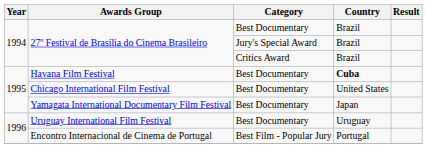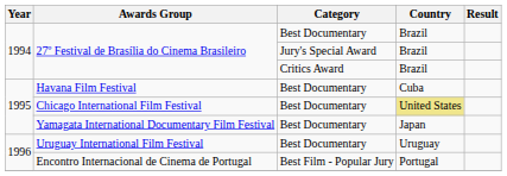 <table class="wikitable">
 <tr>
 <th>Year</th>
 <th>Awards Group</th>
 <th>Category</th>
 <th>Country</th>
 <th>Result</th>
 </tr>
 <tr>
 <td rowspan="3">1994</td>
 <td rowspan="3"><a href='#'>27º Festival de Brasília do Cinema Brasileiro</a></td>
 <td>Best Documentary</td>
 <td>Brazil</td>
 <td></td>
 </tr>
 <tr>
 <td>Jury's Special Award</td>
 <td>Brazil</td>
 <td></td>
 </tr>
 <tr>
 <td>Critics Award</td>
 <td>Brazil</td>
 <td></td>
 </tr>
 <tr>
 <td rowspan="3">1995</td>
 <td><a href='#'>Havana Film Festival</a></td>
 <td>Best Documentary</td>
-<td><strong>Cuba</strong></td>
+<td>Cuba</td>
 <td></td>
 </tr>
 <tr>
 <td><a href='#'>Chicago International Film Festival</a></td>
 <td>Best Documentary</td>
-<td>United States</td>
+<td style="background: khaki;">United States</td>
 <td></td>
 </tr>
 <tr>
 <td><a href='#'>Yamagata International Documentary Film Festival</a></td>
 <td>Best Documentary</td>
 <td>Japan</td>
 <td></td>
 </tr>
 <tr>
 <td rowspan="2">1996</td>
 <td><a href='#'>Uruguay International Film Festival</a></td>
 <td>Best Documentary</td>
 <td>Uruguay</td>
 <td></td>
 </tr>
 <tr>
 <td>Encontro Internacional de Cinema de Portugal</td>
 <td>Best Film - Popular Jury</td>
 <td>Portugal</td>
 <td></td>
 </tr>
 <tr>
 </tr>
 </table>
